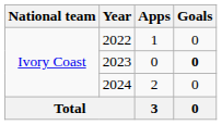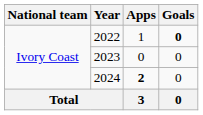 <table class=wikitable style=text-align:center>
 <tr>
 <th>National team</th>
 <th>Year</th>
 <th>Apps</th>
 <th>Goals</th>
 </tr>
 <tr>
 <td rowspan="3"><a href='#'>Ivory Coast</a></td>
 <td>2022</td>
 <td>1</td>
-<td>0</td>
+<td><strong>0</strong></td>
 </tr>
 <tr>
 <td>2023</td>
 <td>0</td>
-<td><strong>0</strong></td>
+<td>0</td>
 </tr>
 <tr>
 <td>2024</td>
-<td>2</td>
+<td><strong>2</strong></td>
 <td>0</td>
 </tr>
 <tr>
 <th colspan=2>Total</th>
 <th>3</th>
 <th>0</th>
 </tr>
 </table>
